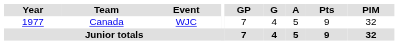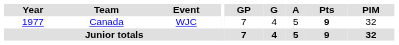 <table border="0" cellpadding="1" cellspacing="0" ID="Table3" style="text-align:center; width:40em">
 <tr bgcolor="#e0e0e0">
 <th>Year</th>
 <th>Team</th>
 <th>Event</th>
 <th rowspan="102" bgcolor="#ffffff"></th>
 <th>GP</th>
 <th>G</th>
 <th>A</th>
 <th>Pts</th>
 <th>PIM</th>
 </tr>
 <tr>
 <td><a href='#'>1977</a></td>
 <td><a href='#'>Canada</a></td>
 <td><a href='#'>WJC</a></td>
 <td>7</td>
 <td>4</td>
 <td>5</td>
-<td>9</td>
+<td><strong>9</strong></td>
 <td>32</td>
 </tr>
 <tr bgcolor="#e0e0e0">
 <th colspan="4">Junior totals</th>
 <th>7</th>
 <th>4</th>
 <th>5</th>
 <th>9</th>
 <th>32</th>
 </tr>
 </table>
